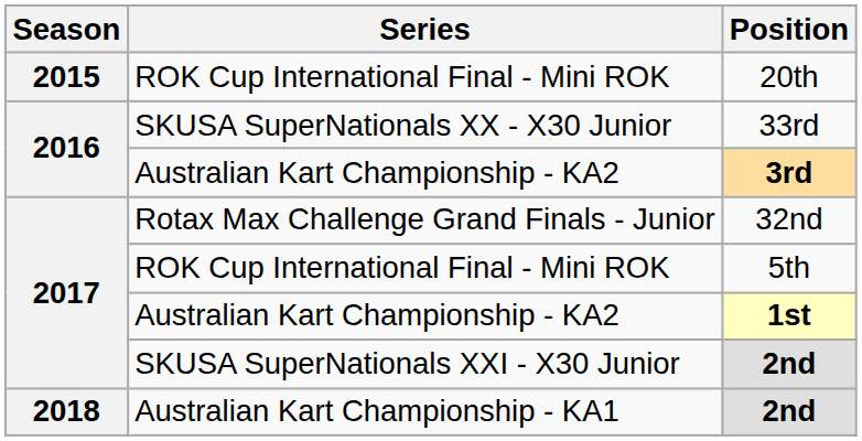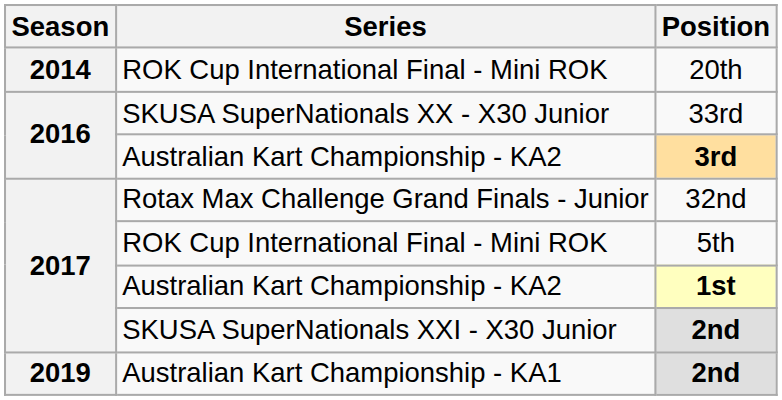 <table class="wikitable" style="font-size: 85%; text-align:center">
 <tr>
 <th>Season</th>
 <th>Series</th>
 <th>Position</th>
 </tr>
 <tr>
-<th>2015</th>
+<th>2014</th>
 <td align="left">ROK Cup International Final - Mini ROK</td>
 <td>20th</td>
 </tr>
 <tr>
 <th rowspan=2>2016</th>
 <td align="left">SKUSA SuperNationals XX - X30 Junior</td>
 <td>33rd</td>
 </tr>
 <tr>
 <td align="left">Australian Kart Championship - KA2</td>
 <td align="center" style="background: #ffdf9f"><strong>3rd</strong></td>
 </tr>
 <tr>
 <th rowspan=4>2017</th>
 <td align="left">Rotax Max Challenge Grand Finals - Junior</td>
 <td>32nd</td>
 </tr>
 <tr>
 <td align="left">ROK Cup International Final - Mini ROK</td>
 <td>5th</td>
 </tr>
 <tr>
 <td align="left">Australian Kart Championship - KA2</td>
 <td align="center" style="background: #ffffbf"><strong>1st</strong></td>
 </tr>
 <tr>
 <td align="left">SKUSA SuperNationals XXI - X30 Junior</td>
 <td align="center" style="background:#DFDFDF"><strong>2nd</strong></td>
 </tr>
 <tr>
-<th>2018</th>
+<th>2019</th>
 <td align="left">Australian Kart Championship - KA1</td>
 <td align="center" style="background:#DFDFDF"><strong>2nd</strong></td>
 </tr>
 </table>
